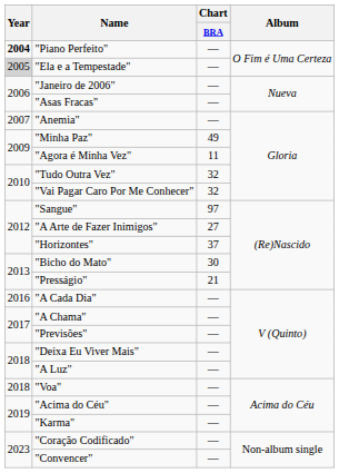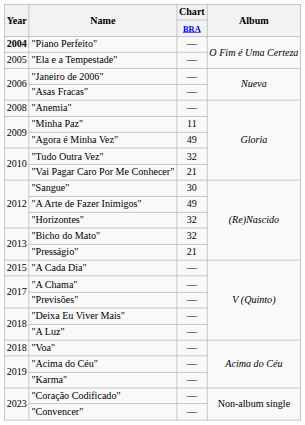 <table class="wikitable">
 <tr>
 <th rowspan="2">Year</th>
 <th rowspan="2">Name</th>
 <th colspan="1">Chart</th>
 <th rowspan="2">Album</th>
 </tr>
 <tr>
 <th align="center" width="35"><small><a href='#'>BRA</a></small></th>
 </tr>
 <tr>
 <td align="center"><strong>2004</strong></td>
 <td align="left">"Piano Perfeito"</td>
 <td align="center">—</td>
 <td align="center" rowspan="2"><em>O Fim é Uma Certeza</em></td>
 </tr>
 <tr>
-<td align="center" style="background: lightgrey;">2005</td>
+<td align="center">2005</td>
 <td align="left">"Ela e a Tempestade"</td>
 <td align="center">—</td>
 </tr>
 <tr>
 <td align="center" rowspan="2">2006</td>
 <td align="left">"Janeiro de 2006"</td>
 <td align="center">—</td>
 <td align="center" rowspan="2"><em>Nueva</em></td>
 </tr>
 <tr>
 <td align="left">"Asas Fracas"</td>
 <td align="center">—</td>
 </tr>
 <tr>
-<td align="center">2007</td>
+<td align="center">2008</td>
 <td align="left">"Anemia"</td>
 <td align="center">—</td>
 <td align="center" rowspan="5"><em>Gloria</em></td>
 </tr>
 <tr>
 <td align="center" rowspan="2">2009</td>
 <td align="left">"Minha Paz"</td>
-<td align="center">49</td>
+<td align="center">11</td>
 </tr>
 <tr>
 <td align="left">"Agora é Minha Vez"</td>
-<td align="center">11</td>
+<td align="center">49</td>
 </tr>
 <tr>
 <td align="center" rowspan="2">2010</td>
 <td align="left">"Tudo Outra Vez"</td>
 <td align="center">32</td>
 </tr>
 <tr>
 <td align="left">"Vai Pagar Caro Por Me Conhecer"</td>
-<td align="center">32</td>
+<td align="center">21</td>
 </tr>
 <tr>
 <td align="center" rowspan="3">2012</td>
 <td align="left">"Sangue"</td>
-<td align="center">97</td>
+<td align="center">30</td>
 <td align="center" rowspan="5"><em>(Re)Nascido</em></td>
 </tr>
 <tr>
 <td align="left">"A Arte de Fazer Inimigos"</td>
-<td align="center">27</td>
+<td align="center">49</td>
 </tr>
 <tr>
 <td align="left">"Horizontes" </td>
-<td align="center">37</td>
+<td align="center">32</td>
 </tr>
 <tr>
 <td align="center" rowspan="2">2013</td>
 <td align="left">"Bicho do Mato"</td>
-<td align="center">30</td>
+<td align="center">32</td>
 </tr>
 <tr>
 <td align="left">"Presságio"</td>
 <td align="center">21</td>
 </tr>
 <tr>
-<td align="center">2016</td>
+<td align="center">2015</td>
 <td align="left">"A Cada Dia"</td>
 <td align="center">—</td>
 <td align="center" rowspan="5"><em>V (Quinto)</em></td>
 </tr>
 <tr>
 <td align="center" rowspan="2">2017</td>
 <td align="left">"A Chama"</td>
 <td align="center">—</td>
 </tr>
 <tr>
 <td align="left">"Previsões"</td>
 <td align="center">—</td>
 </tr>
 <tr>
 <td align="center" rowspan="2">2018</td>
 <td align="left">"Deixa Eu Viver Mais"</td>
 <td align="center">—</td>
 </tr>
 <tr>
 <td align="left">"A Luz"</td>
 <td align="center">—</td>
 </tr>
 <tr>
 <td align="center">2018</td>
 <td align="left">"Voa"</td>
 <td align="center">—</td>
 <td align="center" rowspan="3"><em>Acima do Céu</em></td>
 </tr>
 <tr>
 <td align="center" rowspan="2">2019</td>
 <td align="left">"Acima do Céu"</td>
 <td align="center">—</td>
 </tr>
 <tr>
 <td align="left">"Karma"</td>
 <td align="center">—</td>
 </tr>
 <tr>
 <td align="center" rowspan="2">2023</td>
 <td align="left">"Coração Codificado"</td>
 <td align="center">—</td>
 <td align="center" rowspan="2">Non-album single</td>
 </tr>
 <tr>
 <td align="left">"Convencer"</td>
 <td align="center">—</td>
 </tr>
 </table>
